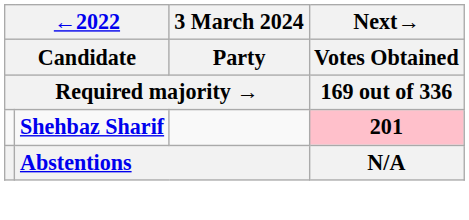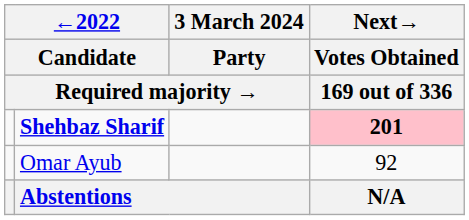 <table class="wikitable">
 <tr>
 <th colspan=2><a href='#'>←2022</a></th>
 <th>3 March 2024</th>
 <th>Next→</th>
 </tr>
 <tr>
 <th colspan=2>Candidate</th>
 <th>Party</th>
 <th>Votes Obtained</th>
 </tr>
 <tr>
 <th colspan=3>Required majority →</th>
 <th>169 out of 336</th>
 </tr>
 <tr>
 <td style="color:inherit;background:"></td>
 <td><strong><a href='#'>Shehbaz Sharif</a></strong></td>
 <td></td>
 <td style="background: pink; text-align:center;"><strong>201</strong> </td>
 </tr>
+<tr>
+<td style="color:inherit;background:"></td>
+<td><a href='#'>Omar Ayub</a></td>
+<td></td>
+<td style="text-align:center;">92 </td>
+</tr>
 <tr class=sortbottom style="background:#f2f2f2; font-weight:bold">
 <td></td>
 <td colspan=2><a href='#'>Abstentions</a></td>
 <td style="text-align:center;">N/A</td>
 </tr>
 </table>
